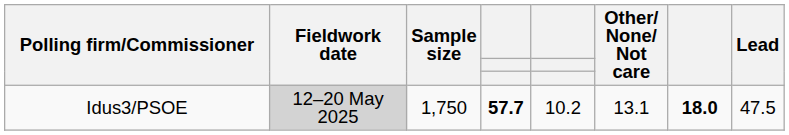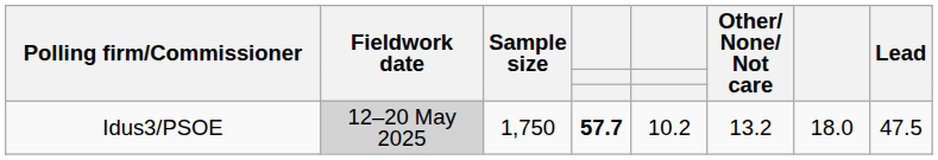 <table class="wikitable collapsible collapsed" style="text-align:center; font-size:90%; line-height:14px;">
 <tr style="height:42px;">
 <th style="width:250px;" rowspan="3">Polling firm/Commissioner</th>
 <th style="width:125px;" rowspan="3">Fieldwork date</th>
 <th style="width:50px;" rowspan="3">Sample size</th>
 <th style="width:35px;"></th>
 <th style="width:55px;"></th>
 <th style="width:55px;" rowspan="3">Other/<br>None/<br>Not<br>care</th>
 <th style="width:55px;" rowspan="3"></th>
 <th style="width:30px;" rowspan="3">Lead</th>
 </tr>
 <tr>
 <th style="color:inherit;background:"></th>
 <th style="color:inherit;background:"></th>
 </tr>
 <tr>
 <th></th>
 <th></th>
 </tr>
 <tr>
 <td>Idus3/PSOE</td>
 <td style="background: lightgrey;">12–20 May 2025</td>
 <td>1,750</td>
 <td><strong>57.7</strong></td>
 <td>10.2</td>
-<td>13.1</td>
-<td><strong>18.0</strong></td>
+<td>13.2</td>
+<td>18.0</td>
 <td style="background:">47.5</td>
 </tr>
 </table>
